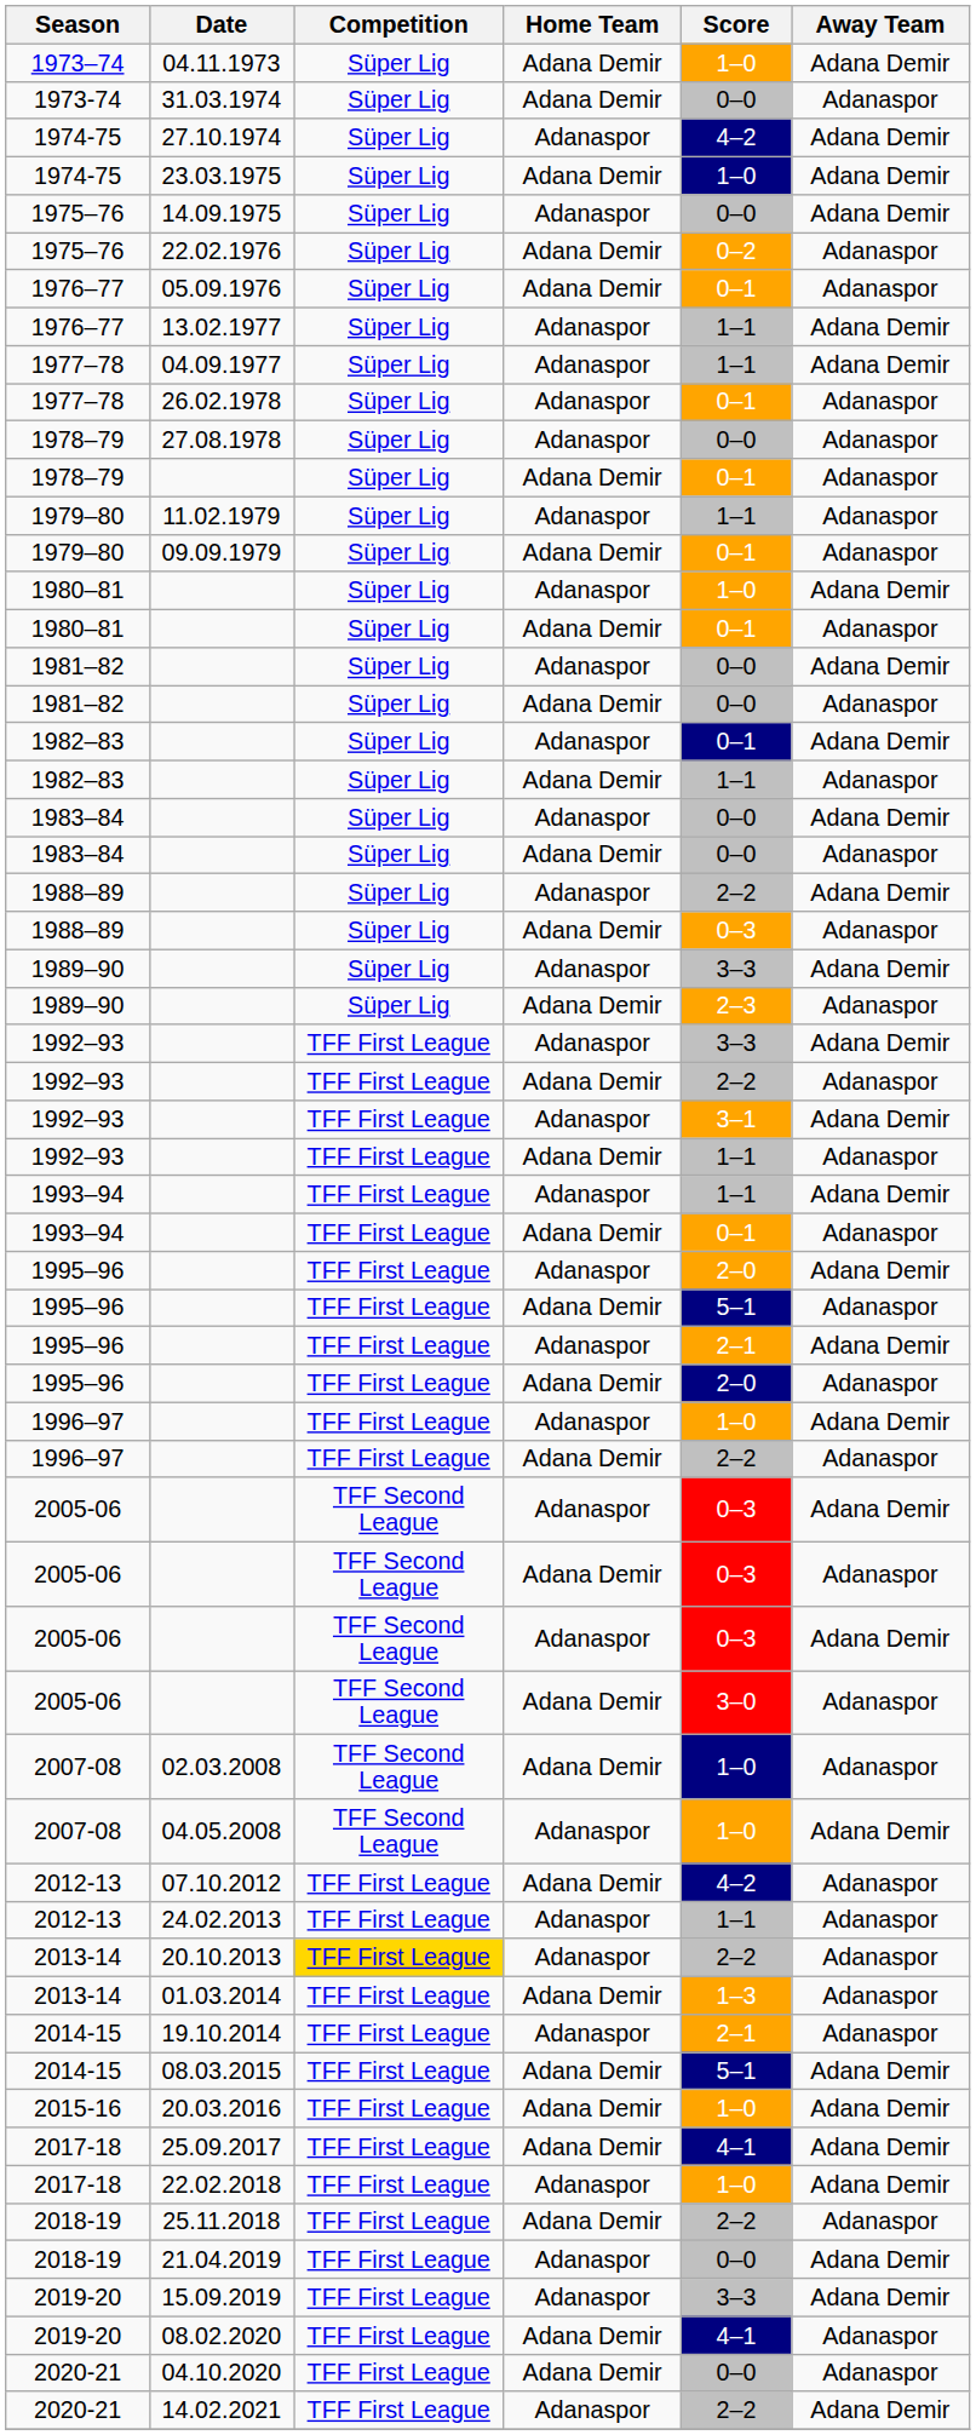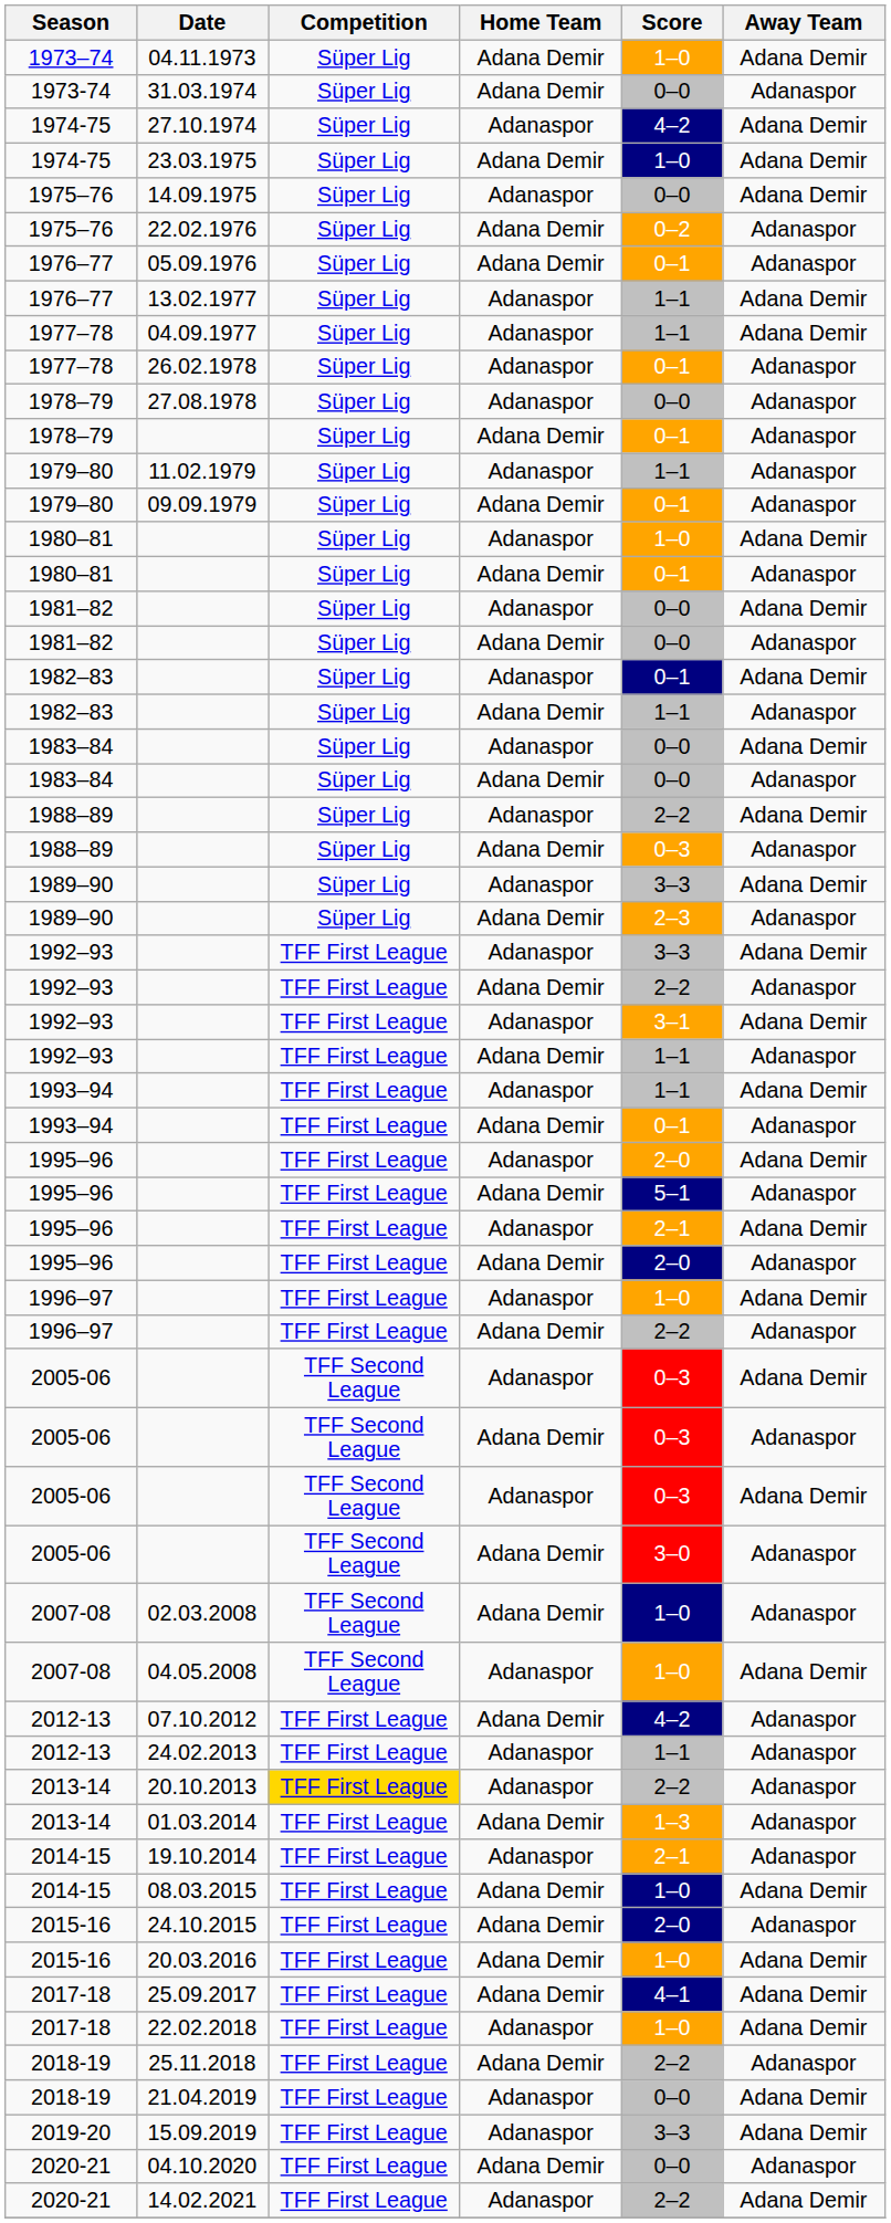 <table class="wikitable" style="font-size:90%">
 <tr>
 <th width=80>Season</th>
 <th width=80>Date</th>
 <th width=120>Competition</th>
 <th width=100>Home Team</th>
 <th width=60>Score</th>
 <th width=100>Away Team</th>
 </tr>
 <tr>
 <td align="center"><a href='#'>1973–74</a></td>
 <td align="center">04.11.1973</td>
 <td align="center"><a href='#'>Süper Lig</a></td>
 <td align="center">Adana Demir</td>
 <td align="center" style="background:orange; color:white">1–0</td>
 <td align="center">Adana Demir</td>
 </tr>
 <tr>
 <td align="center">1973-74</td>
 <td align="center">31.03.1974</td>
 <td align="center"><a href='#'>Süper Lig</a></td>
 <td align="center">Adana Demir</td>
 <td align="center" style="background:silver; color:#000000">0–0</td>
 <td align="center">Adanaspor</td>
 </tr>
 <tr>
 <td align="center">1974-75</td>
 <td align="center">27.10.1974</td>
 <td align="center"><a href='#'>Süper Lig</a></td>
 <td align="center">Adanaspor</td>
 <td align="center" style="background:navy; color:white">4–2</td>
 <td align="center">Adana Demir</td>
 </tr>
 <tr>
 <td align="center">1974-75</td>
 <td align="center">23.03.1975</td>
 <td align="center"><a href='#'>Süper Lig</a></td>
 <td align="center">Adana Demir</td>
 <td align="center" style="background:navy; color:white">1–0</td>
 <td align="center">Adana Demir</td>
 </tr>
 <tr>
 <td align="center">1975–76</td>
 <td align="center">14.09.1975</td>
 <td align="center"><a href='#'>Süper Lig</a></td>
 <td align="center">Adanaspor</td>
 <td align="center" style="background:silver; color:#000000">0–0</td>
 <td align="center">Adana Demir</td>
 </tr>
 <tr>
 <td align="center">1975–76</td>
 <td align="center">22.02.1976</td>
 <td align="center"><a href='#'>Süper Lig</a></td>
 <td align="center">Adana Demir</td>
 <td align="center" style="background:orange; color:white">0–2</td>
 <td align="center">Adanaspor</td>
 </tr>
 <tr>
 <td align="center">1976–77</td>
 <td align="center">05.09.1976</td>
 <td align="center"><a href='#'>Süper Lig</a></td>
 <td align="center">Adana Demir</td>
 <td align="center" style="background:orange; color:white">0–1</td>
 <td align="center">Adanaspor</td>
 </tr>
 <tr>
 <td align="center">1976–77</td>
 <td align="center">13.02.1977</td>
 <td align="center"><a href='#'>Süper Lig</a></td>
 <td align="center">Adanaspor</td>
 <td align="center" style="background:silver; color:#000000">1–1</td>
 <td align="center">Adana Demir</td>
 </tr>
 <tr>
 <td align="center">1977–78</td>
 <td align="center">04.09.1977</td>
 <td align="center"><a href='#'>Süper Lig</a></td>
 <td align="center">Adanaspor</td>
 <td align="center" style="background:silver; color:#000000">1–1</td>
 <td align="center">Adana Demir</td>
 </tr>
 <tr>
 <td align="center">1977–78</td>
 <td align="center">26.02.1978</td>
 <td align="center"><a href='#'>Süper Lig</a></td>
 <td align="center">Adanaspor</td>
 <td align="center" style="background:orange; color:white">0–1</td>
 <td align="center">Adanaspor</td>
 </tr>
 <tr>
 <td align="center">1978–79</td>
 <td align="center">27.08.1978</td>
 <td align="center"><a href='#'>Süper Lig</a></td>
 <td align="center">Adanaspor</td>
 <td align="center" style="background:silver; color:#000000">0–0</td>
 <td align="center">Adanaspor</td>
 </tr>
 <tr>
 <td align="center">1978–79</td>
 <td align="center"></td>
 <td align="center"><a href='#'>Süper Lig</a></td>
 <td align="center">Adana Demir</td>
 <td align="center" style="background:orange; color:white">0–1</td>
 <td align="center">Adanaspor</td>
 </tr>
 <tr>
 <td align="center">1979–80</td>
 <td align="center">11.02.1979</td>
 <td align="center"><a href='#'>Süper Lig</a></td>
 <td align="center">Adanaspor</td>
 <td align="center" style="background:silver; color:#000000">1–1</td>
 <td align="center">Adanaspor</td>
 </tr>
 <tr>
 <td align="center">1979–80</td>
 <td align="center">09.09.1979</td>
 <td align="center"><a href='#'>Süper Lig</a></td>
 <td align="center">Adana Demir</td>
 <td align="center" style="background:orange; color:white">0–1</td>
 <td align="center">Adanaspor</td>
 </tr>
 <tr>
 <td align="center">1980–81</td>
 <td align="center"></td>
 <td align="center"><a href='#'>Süper Lig</a></td>
 <td align="center">Adanaspor</td>
 <td align="center" style="background:orange; color:white">1–0</td>
 <td align="center">Adana Demir</td>
 </tr>
 <tr>
 <td align="center">1980–81</td>
 <td align="center"></td>
 <td align="center"><a href='#'>Süper Lig</a></td>
 <td align="center">Adana Demir</td>
 <td align="center" style="background:orange; color:white">0–1</td>
 <td align="center">Adanaspor</td>
 </tr>
 <tr>
 <td align="center">1981–82</td>
 <td align="center"></td>
 <td align="center"><a href='#'>Süper Lig</a></td>
 <td align="center">Adanaspor</td>
 <td align="center" style="background:silver; color:#000000">0–0</td>
 <td align="center">Adana Demir</td>
 </tr>
 <tr>
 <td align="center">1981–82</td>
 <td align="center"></td>
 <td align="center"><a href='#'>Süper Lig</a></td>
 <td align="center">Adana Demir</td>
 <td align="center" style="background:silver; color:#000000">0–0</td>
 <td align="center">Adanaspor</td>
 </tr>
 <tr>
 <td align="center">1982–83</td>
 <td align="center"></td>
 <td align="center"><a href='#'>Süper Lig</a></td>
 <td align="center">Adanaspor</td>
 <td align="center" style="background:navy; color:white">0–1</td>
 <td align="center">Adana Demir</td>
 </tr>
 <tr>
 <td align="center">1982–83</td>
 <td align="center"></td>
 <td align="center"><a href='#'>Süper Lig</a></td>
 <td align="center">Adana Demir</td>
 <td align="center" style="background:silver; color:#000000">1–1</td>
 <td align="center">Adanaspor</td>
 </tr>
 <tr>
 <td align="center">1983–84</td>
 <td align="center"></td>
 <td align="center"><a href='#'>Süper Lig</a></td>
 <td align="center">Adanaspor</td>
 <td align="center" style="background:silver; color:#000000">0–0</td>
 <td align="center">Adana Demir</td>
 </tr>
 <tr>
 <td align="center">1983–84</td>
 <td align="center"></td>
 <td align="center"><a href='#'>Süper Lig</a></td>
 <td align="center">Adana Demir</td>
 <td align="center" style="background:silver; color:#000000">0–0</td>
 <td align="center">Adanaspor</td>
 </tr>
 <tr>
 <td align="center">1988–89</td>
 <td align="center"></td>
 <td align="center"><a href='#'>Süper Lig</a></td>
 <td align="center">Adanaspor</td>
 <td align="center" style="background:silver; color:#000000">2–2</td>
 <td align="center">Adana Demir</td>
 </tr>
 <tr>
 <td align="center">1988–89</td>
 <td align="center"></td>
 <td align="center"><a href='#'>Süper Lig</a></td>
 <td align="center">Adana Demir</td>
 <td align="center" style="background:orange; color:white">0–3</td>
 <td align="center">Adanaspor</td>
 </tr>
 <tr>
 <td align="center">1989–90</td>
 <td align="center"></td>
 <td align="center"><a href='#'>Süper Lig</a></td>
 <td align="center">Adanaspor</td>
 <td align="center" style="background:silver; color:#000000">3–3</td>
 <td align="center">Adana Demir</td>
 </tr>
 <tr>
 <td align="center">1989–90</td>
 <td align="center"></td>
 <td align="center"><a href='#'>Süper Lig</a></td>
 <td align="center">Adana Demir</td>
 <td align="center" style="background:orange; color:white">2–3</td>
 <td align="center">Adanaspor</td>
 </tr>
 <tr>
 <td align="center">1992–93</td>
 <td align="center"></td>
 <td align="center"><a href='#'>TFF First League</a></td>
 <td align="center">Adanaspor</td>
 <td align="center" style="background:silver; color:#000000">3–3</td>
 <td align="center">Adana Demir</td>
 </tr>
 <tr>
 <td align="center">1992–93</td>
 <td align="center"></td>
 <td align="center"><a href='#'>TFF First League</a></td>
 <td align="center">Adana Demir</td>
 <td align="center" style="background:silver; color:#000000">2–2</td>
 <td align="center">Adanaspor</td>
 </tr>
 <tr>
 <td align="center">1992–93</td>
 <td align="center"></td>
 <td align="center"><a href='#'>TFF First League</a></td>
 <td align="center">Adanaspor</td>
 <td align="center" style="background:orange; color:white">3–1</td>
 <td align="center">Adana Demir</td>
 </tr>
 <tr>
 <td align="center">1992–93</td>
 <td align="center"></td>
 <td align="center"><a href='#'>TFF First League</a></td>
 <td align="center">Adana Demir</td>
 <td align="center" style="background:silver; color:#000000">1–1</td>
 <td align="center">Adanaspor</td>
 </tr>
 <tr>
 <td align="center">1993–94</td>
 <td align="center"></td>
 <td align="center"><a href='#'>TFF First League</a></td>
 <td align="center">Adanaspor</td>
 <td align="center" style="background:silver; color:#000000">1–1</td>
 <td align="center">Adana Demir</td>
 </tr>
 <tr>
 <td align="center">1993–94</td>
 <td align="center"></td>
 <td align="center"><a href='#'>TFF First League</a></td>
 <td align="center">Adana Demir</td>
 <td align="center" style="background:orange; color:white">0–1</td>
 <td align="center">Adanaspor</td>
 </tr>
 <tr>
 <td align="center">1995–96</td>
 <td align="center"></td>
 <td align="center"><a href='#'>TFF First League</a></td>
 <td align="center">Adanaspor</td>
 <td align="center" style="background:orange; color:white">2–0</td>
 <td align="center">Adana Demir</td>
 </tr>
 <tr>
 <td align="center">1995–96</td>
 <td align="center"></td>
 <td align="center"><a href='#'>TFF First League</a></td>
 <td align="center">Adana Demir</td>
 <td align="center" style="background:navy; color:white">5–1</td>
 <td align="center">Adanaspor</td>
 </tr>
 <tr>
 <td align="center">1995–96</td>
 <td align="center"></td>
 <td align="center"><a href='#'>TFF First League</a></td>
 <td align="center">Adanaspor</td>
 <td align="center" style="background:orange; color:white">2–1</td>
 <td align="center">Adana Demir</td>
 </tr>
 <tr>
 <td align="center">1995–96</td>
 <td align="center"></td>
 <td align="center"><a href='#'>TFF First League</a></td>
 <td align="center">Adana Demir</td>
 <td align="center" style="background:navy; color:white">2–0</td>
 <td align="center">Adanaspor</td>
 </tr>
 <tr>
 <td align="center">1996–97</td>
 <td align="center"></td>
 <td align="center"><a href='#'>TFF First League</a></td>
 <td align="center">Adanaspor</td>
 <td align="center" style="background:orange; color:white">1–0</td>
 <td align="center">Adana Demir</td>
 </tr>
 <tr>
 <td align="center">1996–97</td>
 <td align="center"></td>
 <td align="center"><a href='#'>TFF First League</a></td>
 <td align="center">Adana Demir</td>
 <td align="center" style="background:silver; color:#000000">2–2</td>
 <td align="center">Adanaspor</td>
 </tr>
 <tr>
 <td align="center">2005-06</td>
 <td align="center"></td>
 <td align="center"><a href='#'>TFF Second League</a></td>
 <td align="center">Adanaspor</td>
 <td align="center" style="background:red; color:white">0–3</td>
 <td align="center">Adana Demir</td>
 </tr>
 <tr>
 <td align="center">2005-06</td>
 <td align="center"></td>
 <td align="center"><a href='#'>TFF Second League</a></td>
 <td align="center">Adana Demir</td>
 <td align="center" style="background:red; color:white">0–3</td>
 <td align="center">Adanaspor</td>
 </tr>
 <tr>
 <td align="center">2005-06</td>
 <td align="center"></td>
 <td align="center"><a href='#'>TFF Second League</a></td>
 <td align="center">Adanaspor</td>
 <td align="center" style="background:red; color:white">0–3</td>
 <td align="center">Adana Demir</td>
 </tr>
 <tr>
 <td align="center">2005-06</td>
 <td align="center"></td>
 <td align="center"><a href='#'>TFF Second League</a></td>
 <td align="center">Adana Demir</td>
 <td align="center" style="background:red; color:white">3–0</td>
 <td align="center">Adanaspor</td>
 </tr>
 <tr>
 <td align="center">2007-08</td>
 <td align="center">02.03.2008</td>
 <td align="center"><a href='#'>TFF Second League</a></td>
 <td align="center">Adana Demir</td>
 <td align="center" style="background:navy; color:white">1–0</td>
 <td align="center">Adanaspor</td>
 </tr>
 <tr>
 <td align="center">2007-08</td>
 <td align="center">04.05.2008</td>
 <td align="center"><a href='#'>TFF Second League</a></td>
 <td align="center">Adanaspor</td>
 <td align="center" style="background:orange; color:white">1–0</td>
 <td align="center">Adana Demir</td>
 </tr>
 <tr>
 <td align="center">2012-13</td>
 <td align="center">07.10.2012</td>
 <td align="center"><a href='#'>TFF First League</a></td>
 <td align="center">Adana Demir</td>
 <td align="center" style="background:navy; color:white">4–2</td>
 <td align="center">Adanaspor</td>
 </tr>
 <tr>
 <td align="center">2012-13</td>
 <td align="center">24.02.2013</td>
 <td align="center"><a href='#'>TFF First League</a></td>
 <td align="center">Adanaspor</td>
 <td align="center" style="background:silver; color:#000000">1–1</td>
 <td align="center">Adanaspor</td>
 </tr>
 <tr>
 <td align="center">2013-14</td>
 <td align="center">20.10.2013</td>
 <td align="center" style="background: gold;"><a href='#'>TFF First League</a></td>
 <td align="center">Adanaspor</td>
 <td align="center" style="background:silver; color:#000000">2–2</td>
 <td align="center">Adanaspor</td>
 </tr>
 <tr>
 <td align="center">2013-14</td>
 <td align="center">01.03.2014</td>
 <td align="center"><a href='#'>TFF First League</a></td>
 <td align="center">Adana Demir</td>
 <td align="center" style="background:orange; color:white">1–3</td>
 <td align="center">Adanaspor</td>
 </tr>
 <tr>
 <td align="center">2014-15</td>
 <td align="center">19.10.2014</td>
 <td align="center"><a href='#'>TFF First League</a></td>
 <td align="center">Adanaspor</td>
 <td align="center" style="background:orange; color:white">2–1</td>
 <td align="center">Adanaspor</td>
 </tr>
 <tr>
 <td align="center">2014-15</td>
 <td align="center">08.03.2015</td>
 <td align="center"><a href='#'>TFF First League</a></td>
 <td align="center">Adana Demir</td>
-<td align="center" style="background:navy; color:white">5–1</td>
+<td align="center" style="background:navy; color:white">1–0</td>
 <td align="center">Adana Demir</td>
+</tr>
+<tr>
+<td align="center">2015-16</td>
+<td align="center">24.10.2015</td>
+<td align="center"><a href='#'>TFF First League</a></td>
+<td align="center">Adana Demir</td>
+<td align="center" style="background:navy; color:white">2–0</td>
+<td align="center">Adanaspor</td>
 </tr>
 <tr>
 <td align="center">2015-16</td>
 <td align="center">20.03.2016</td>
 <td align="center"><a href='#'>TFF First League</a></td>
 <td align="center">Adana Demir</td>
 <td align="center" style="background:orange; color:white">1–0</td>
 <td align="center">Adana Demir</td>
 </tr>
 <tr>
 <td align="center">2017-18</td>
 <td align="center">25.09.2017</td>
 <td align="center"><a href='#'>TFF First League</a></td>
 <td align="center">Adana Demir</td>
 <td align="center" style="background:navy; color:white">4–1</td>
 <td align="center">Adana Demir</td>
 </tr>
 <tr>
 <td align="center">2017-18</td>
 <td align="center">22.02.2018</td>
 <td align="center"><a href='#'>TFF First League</a></td>
 <td align="center">Adanaspor</td>
 <td align="center" style="background:orange; color:white">1–0</td>
 <td align="center">Adana Demir</td>
 </tr>
 <tr>
 <td align="center">2018-19</td>
 <td align="center">25.11.2018</td>
 <td align="center"><a href='#'>TFF First League</a></td>
 <td align="center">Adana Demir</td>
 <td align="center" style="background:silver; color:#000000">2–2</td>
 <td align="center">Adanaspor</td>
 </tr>
 <tr>
 <td align="center">2018-19</td>
 <td align="center">21.04.2019</td>
 <td align="center"><a href='#'>TFF First League</a></td>
 <td align="center">Adanaspor</td>
 <td align="center" style="background:silver; color:#000000">0–0</td>
 <td align="center">Adana Demir</td>
 </tr>
 <tr>
 <td align="center">2019-20</td>
 <td align="center">15.09.2019</td>
 <td align="center"><a href='#'>TFF First League</a></td>
 <td align="center">Adanaspor</td>
 <td align="center" style="background:silver; color:#000000">3–3</td>
 <td align="center">Adana Demir</td>
 </tr>
 <tr>
-<td align="center">2019-20</td>
-<td align="center">08.02.2020</td>
-<td align="center"><a href='#'>TFF First League</a></td>
-<td align="center">Adana Demir</td>
-<td align="center" style="background:navy; color:white">4–1</td>
-<td align="center">Adanaspor</td>
-</tr>
-<tr>
 <td align="center">2020-21</td>
 <td align="center">04.10.2020</td>
 <td align="center"><a href='#'>TFF First League</a></td>
 <td align="center">Adana Demir</td>
 <td align="center" style="background:silver; color:#000000">0–0</td>
 <td align="center">Adanaspor</td>
 </tr>
 <tr>
 <td align="center">2020-21</td>
 <td align="center">14.02.2021</td>
 <td align="center"><a href='#'>TFF First League</a></td>
 <td align="center">Adanaspor</td>
 <td align="center" style="background:silver; color:#000000">2–2</td>
 <td align="center">Adana Demir</td>
 </tr>
 <tr>
 </tr>
 </table>
